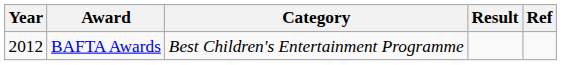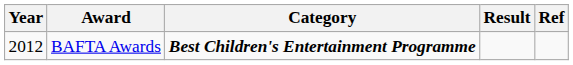 <table class="wikitable sortable">
 <tr>
 <th>Year</th>
 <th>Award</th>
 <th>Category</th>
 <th>Result</th>
 <th>Ref</th>
 </tr>
 <tr>
 <td rowspan="2" style="text-align:center;">2012</td>
 <td style="text-align:center;"><a href='#'>BAFTA Awards</a></td>
-<td style="text-align:center;"><em>Best Children's Entertainment Programme</em></td>
+<td style="text-align:center;"><strong><em>Best Children's Entertainment Programme</em></strong></td>
 <td></td>
 <td style="text-align:center;"></td>
 </tr>
 </table>
